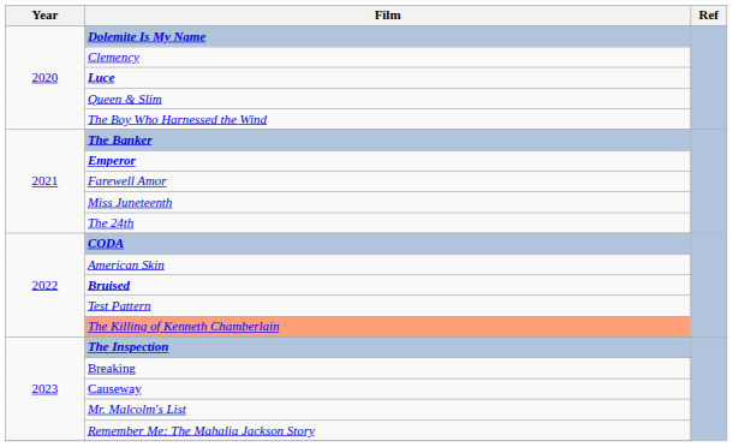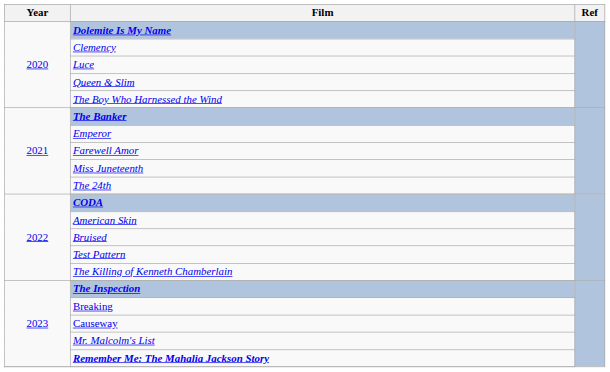 <table class="wikitable" style="width:100%;">
 <tr style="background:#bebebe;">
 <th style="width:11%;">Year</th>
 <th style="width:84%;">Film</th>
 <th style="width:5%;">Ref</th>
 </tr>
 <tr>
 <td rowspan="6" align="center"><a href='#'>2020</a></td>
 </tr>
 <tr style="background:#B0C4DE">
 <td><strong><em><a href='#'>Dolemite Is My Name</a></em></strong></td>
 <td rowspan="6" align="center"></td>
 </tr>
 <tr>
 <td><em><a href='#'>Clemency</a></em></td>
 </tr>
 <tr>
-<td><strong><em><a href='#'>Luce</a></em></strong></td>
+<td><em><a href='#'>Luce</a></em></td>
 </tr>
 <tr>
 <td><em><a href='#'>Queen & Slim</a></em></td>
 </tr>
 <tr>
 <td><em><a href='#'>The Boy Who Harnessed the Wind</a></em></td>
 </tr>
 <tr>
 <td rowspan="6" align="center"><a href='#'>2021</a></td>
 </tr>
 <tr style="background:#B0C4DE">
 <td><strong><em><a href='#'>The Banker</a></em></strong></td>
 <td rowspan="6" align="center"></td>
 </tr>
 <tr>
-<td><strong><em><a href='#'>Emperor</a></em></strong></td>
+<td><em><a href='#'>Emperor</a></em></td>
 </tr>
 <tr>
 <td><em><a href='#'>Farewell Amor</a></em></td>
 </tr>
 <tr>
 <td><em><a href='#'>Miss Juneteenth</a></em></td>
 </tr>
 <tr>
 <td><em><a href='#'>The 24th</a></em></td>
 </tr>
 <tr>
 <td rowspan="6" align="center"><a href='#'>2022</a></td>
 </tr>
 <tr style="background:#B0C4DE">
 <td><strong><em><a href='#'>CODA</a></em></strong></td>
 <td rowspan="6" align="center"></td>
 </tr>
 <tr>
 <td><em><a href='#'>American Skin</a></em></td>
 </tr>
 <tr>
-<td><strong><em><a href='#'>Bruised</a></em></strong></td>
+<td><em><a href='#'>Bruised</a></em></td>
 </tr>
 <tr>
 <td><em><a href='#'>Test Pattern</a></em></td>
 </tr>
 <tr>
-<td style="background: lightsalmon;"><em><a href='#'>The Killing of Kenneth Chamberlain</a></em></td>
+<td><em><a href='#'>The Killing of Kenneth Chamberlain</a></em></td>
 </tr>
 <tr>
 <td rowspan="6" align="center"><a href='#'>2023</a></td>
 </tr>
 <tr style="background:#B0C4DE">
 <td><strong><em><a href='#'>The Inspection</a></em></strong></td>
 <td rowspan="6" align="center"></td>
 </tr>
 <tr>
 <td><em><a href='#'></em>Breaking<em></a></em></td>
 </tr>
 <tr>
 <td><em><a href='#'></em>Causeway<em></a></em></td>
 </tr>
 <tr>
 <td><em><a href='#'>Mr. Malcolm's List</a></em></td>
 </tr>
 <tr>
-<td><em><a href='#'>Remember Me: The Mahalia Jackson Story</a></em></td>
+<td><strong><em><a href='#'>Remember Me: The Mahalia Jackson Story</a></em></strong></td>
 </tr>
 <tr>
 </tr>
 </table>
